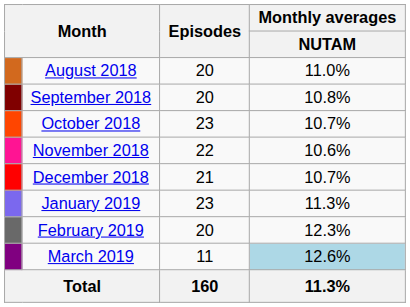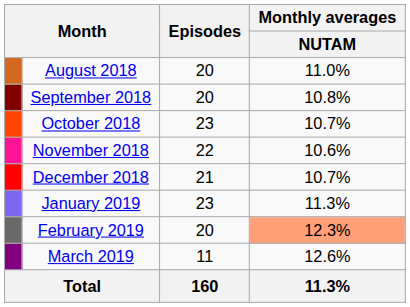 <table class="wikitable plainrowheaders" style="text-align: center; line-height:25px;">
 <tr class="wikitable" style="text-align: center;">
 <th colspan="2" rowspan="2" style="padding: 0 8px;">Month</th>
 <th rowspan="2" style="padding: 0 8px;">Episodes</th>
 <th colspan="2" style="padding: 0 8px;">Monthly averages</th>
 </tr>
 <tr>
 <th style="padding: 0 8px;">NUTAM</th>
 </tr>
 <tr>
 <td style="padding: 0 8px; background:#D2691E;"></td>
 <td style="padding: 0 8px;" '><a href='#'>August 2018</a></td>
 <td style="padding: 0 8px;">20</td>
 <td style="padding: 0 8px;">11.0%</td>
 </tr>
 <tr>
 <td style="padding: 0 8px; background:#800000;"></td>
 <td style="padding: 0 8px;" '><a href='#'>September 2018</a></td>
 <td style="padding: 0 8px;">20</td>
 <td style="padding: 0 8px;">10.8%</td>
 </tr>
 <tr>
 <td style="padding: 0 8px; background:#FF4500;"></td>
 <td style="padding: 0 8px;" '><a href='#'>October 2018</a></td>
 <td style="padding: 0 8px;">23</td>
 <td style="padding: 0 8px;">10.7%</td>
 </tr>
 <tr>
 <td style="padding: 0 8px; background:#FF1493;"></td>
 <td style="padding: 0 8px;" '><a href='#'>November 2018</a></td>
 <td style="padding: 0 8px;">22</td>
 <td style="padding: 0 8px;">10.6%</td>
 </tr>
 <tr>
 <td style="padding: 0 8px; background:#FF0000;"></td>
 <td style="padding: 0 8px;" '><a href='#'>December 2018</a></td>
 <td style="padding: 0 8px;">21</td>
 <td style="padding: 0 8px;">10.7%</td>
 </tr>
 <tr>
 <td style="padding: 0 8px; background:#7B68EE;"></td>
 <td style="padding: 0 8px;" '><a href='#'>January 2019</a></td>
 <td style="padding: 0 8px;">23</td>
 <td style="padding: 0 8px;">11.3%</td>
 </tr>
 <tr>
 <td style="padding: 0 8px; background:#696969;"></td>
 <td style="padding: 0 8px;" '><a href='#'>February 2019</a></td>
 <td style="padding: 0 8px;">20</td>
-<td style="padding: 0 8px;">12.3%</td>
+<td style="background: lightsalmon; padding: 0 8px;">12.3%</td>
 </tr>
 <tr>
 <td style="padding: 0 8px; background:#800080;"></td>
 <td style="padding: 0 8px;" '><a href='#'>March 2019</a></td>
 <td style="padding: 0 8px;">11</td>
-<td style="background: lightblue; padding: 0 8px;">12.6%</td>
+<td style="padding: 0 8px;">12.6%</td>
 </tr>
 <tr>
 <th colspan="2">Total</th>
 <th colspan="1">160</th>
 <th colspan="2">11.3%</th>
 </tr>
 </table>
